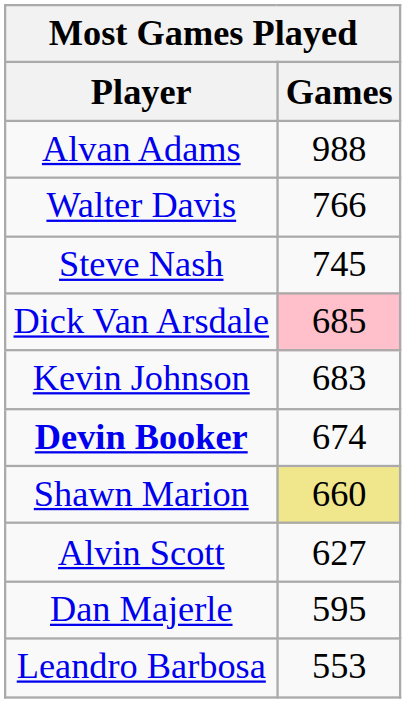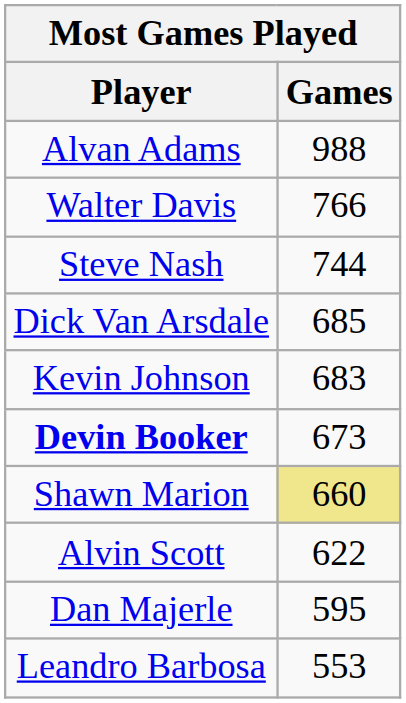 <table class="wikitable sortable" style="text-align:center">
 <tr>
 <th colspan="5">Most Games Played</th>
 </tr>
 <tr>
 <th>Player</th>
 <th>Games</th>
 </tr>
 <tr>
 <td><a href='#'>Alvan Adams</a></td>
 <td>988</td>
 </tr>
 <tr>
 <td><a href='#'>Walter Davis</a></td>
 <td>766</td>
 </tr>
 <tr>
 <td><a href='#'>Steve Nash</a></td>
-<td>745</td>
+<td>744</td>
 </tr>
 <tr>
 <td><a href='#'>Dick Van Arsdale</a></td>
-<td style="background: pink;">685</td>
+<td>685</td>
 </tr>
 <tr>
 <td><a href='#'>Kevin Johnson</a></td>
 <td>683</td>
 </tr>
 <tr>
 <td><strong><a href='#'>Devin Booker</a></strong></td>
-<td>674</td>
+<td>673</td>
 </tr>
 <tr>
 <td><a href='#'>Shawn Marion</a></td>
 <td style="background: khaki;">660</td>
 </tr>
 <tr>
 <td><a href='#'>Alvin Scott</a></td>
-<td>627</td>
+<td>622</td>
 </tr>
 <tr>
 <td><a href='#'>Dan Majerle</a></td>
 <td>595</td>
 </tr>
 <tr>
 <td><a href='#'>Leandro Barbosa</a></td>
 <td>553</td>
 </tr>
 </table>
